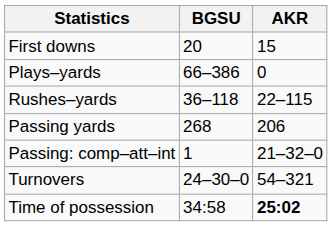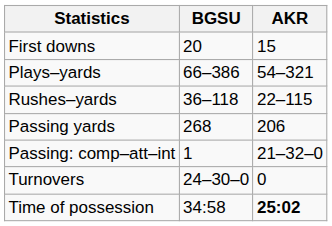 <table class="wikitable" style="float:left">
 <tr>
 <th>Statistics</th>
 <th>BGSU</th>
 <th>AKR</th>
 </tr>
 <tr>
 <td>First downs</td>
 <td>20</td>
 <td>15</td>
 </tr>
 <tr>
 <td>Plays–yards</td>
 <td>66–386</td>
-<td>0</td>
+<td>54–321</td>
 </tr>
 <tr>
 <td>Rushes–yards</td>
 <td>36–118</td>
 <td>22–115</td>
 </tr>
 <tr>
 <td>Passing yards</td>
 <td>268</td>
 <td>206</td>
 </tr>
 <tr>
 <td>Passing: comp–att–int</td>
 <td>1</td>
 <td>21–32–0</td>
 </tr>
 <tr>
 <td>Turnovers</td>
 <td>24–30–0</td>
-<td>54–321</td>
+<td>0</td>
 </tr>
 <tr>
 <td>Time of possession</td>
 <td>34:58</td>
 <td><strong>25:02</strong></td>
 </tr>
 </table>
